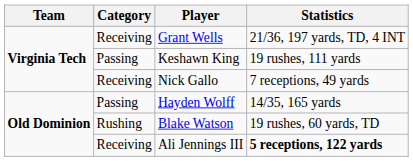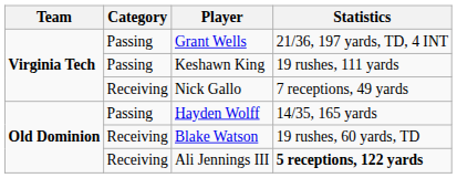 <table class="wikitable" style="float: left;">
 <tr>
 <th>Team</th>
 <th>Category</th>
 <th>Player</th>
 <th>Statistics</th>
 </tr>
 <tr>
 <td rowspan=3><strong>Virginia Tech</strong></td>
-<td>Receiving</td>
+<td>Passing</td>
 <td><a href='#'>Grant Wells</a></td>
 <td>21/36, 197 yards, TD, 4 INT</td>
 </tr>
 <tr>
 <td>Passing</td>
 <td>Keshawn King</td>
 <td>19 rushes, 111 yards</td>
 </tr>
 <tr>
 <td>Receiving</td>
 <td>Nick Gallo</td>
 <td>7 receptions, 49 yards</td>
 </tr>
 <tr>
 <td rowspan=3><strong>Old Dominion</strong></td>
 <td>Passing</td>
 <td><a href='#'>Hayden Wolff</a></td>
 <td>14/35, 165 yards</td>
 </tr>
 <tr>
-<td>Rushing</td>
+<td>Receiving</td>
 <td><a href='#'>Blake Watson</a></td>
 <td>19 rushes, 60 yards, TD</td>
 </tr>
 <tr>
 <td>Receiving</td>
 <td>Ali Jennings III</td>
 <td><strong>5 receptions, 122 yards</strong></td>
 </tr>
 </table>
